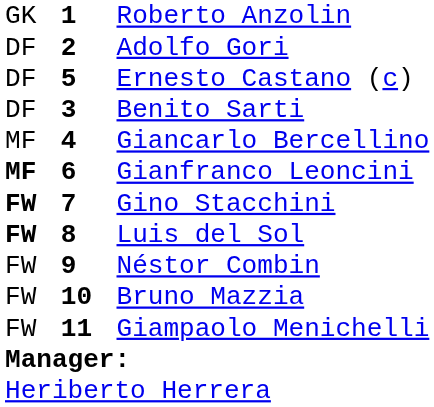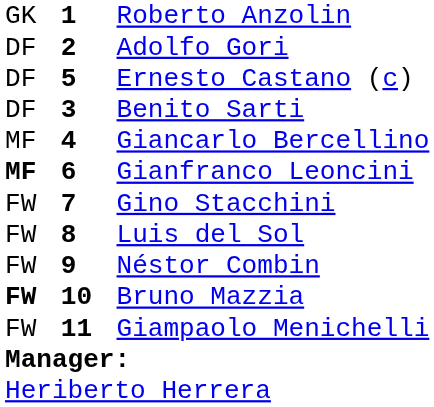 <table style="font-size: 90%" cellspacing="0" cellpadding="0" align=center>
 <tr>
 <td colspan="4"></td>
 </tr>
 <tr>
 <th width=25></th>
 <th width=25></th>
 </tr>
 <tr>
 <td>GK</td>
 <td><strong>1</strong></td>
 <td> <a href='#'>Roberto Anzolin</a></td>
 </tr>
 <tr>
 <td>DF</td>
 <td><strong>2</strong></td>
 <td> <a href='#'>Adolfo Gori</a></td>
 </tr>
 <tr>
 <td>DF</td>
 <td><strong>5</strong></td>
 <td> <a href='#'>Ernesto Castano</a> (<a href='#'>c</a>)</td>
 </tr>
 <tr>
 <td>DF</td>
 <td><strong>3</strong></td>
 <td> <a href='#'>Benito Sarti</a></td>
 </tr>
 <tr>
 <td>MF</td>
 <td><strong>4</strong></td>
 <td> <a href='#'>Giancarlo Bercellino</a></td>
 </tr>
 <tr>
 <td><strong>MF</strong></td>
 <td><strong>6</strong></td>
 <td> <a href='#'>Gianfranco Leoncini</a></td>
 </tr>
 <tr>
-<td><strong>FW</strong></td>
+<td>FW</td>
 <td><strong>7</strong></td>
 <td> <a href='#'>Gino Stacchini</a></td>
 </tr>
 <tr>
-<td><strong>FW</strong></td>
+<td>FW</td>
 <td><strong>8</strong></td>
 <td> <a href='#'>Luis del Sol</a></td>
 </tr>
 <tr>
 <td>FW</td>
 <td><strong>9</strong></td>
 <td> <a href='#'>Néstor Combin</a></td>
 </tr>
 <tr>
-<td>FW</td>
+<td><strong>FW</strong></td>
 <td><strong>10</strong></td>
 <td> <a href='#'>Bruno Mazzia</a></td>
 </tr>
 <tr>
 <td>FW</td>
 <td><strong>11</strong></td>
 <td> <a href='#'>Giampaolo Menichelli</a></td>
 </tr>
 <tr>
 <td colspan=3><strong>Manager:</strong></td>
 </tr>
 <tr>
 <td colspan=4> <a href='#'>Heriberto Herrera</a></td>
 </tr>
 <tr>
 </tr>
 </table>
